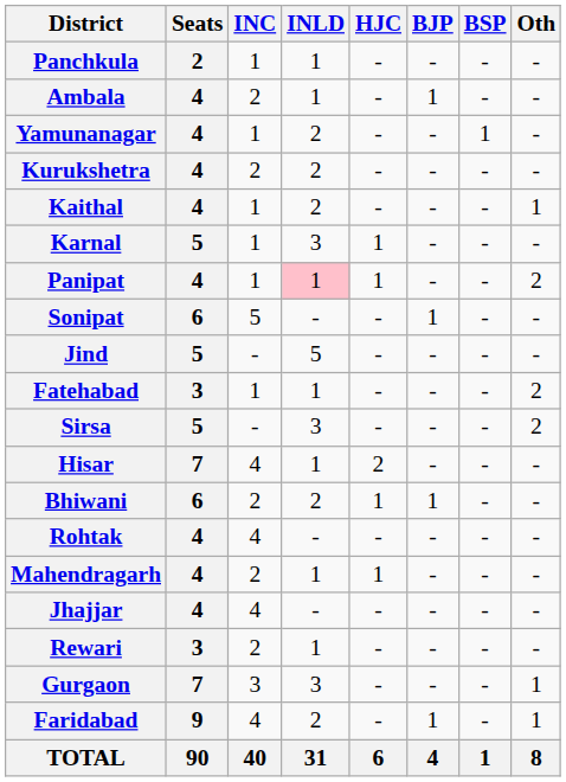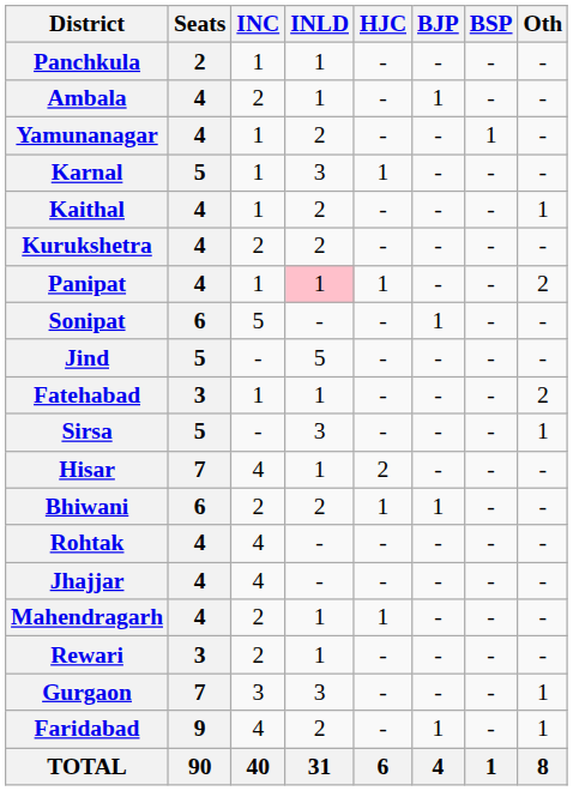 <table class="wikitable" style="text-align:center;">
 <tr>
 <th>District</th>
 <th>Seats</th>
 <th><a href='#'>INC</a></th>
 <th><a href='#'>INLD</a></th>
 <th><a href='#'>HJC</a></th>
 <th><a href='#'>BJP</a></th>
 <th><a href='#'>BSP</a></th>
 <th>Oth</th>
 </tr>
 <tr>
 <th><a href='#'>Panchkula</a></th>
 <th>2</th>
 <td>1</td>
 <td>1</td>
 <td>-</td>
 <td>-</td>
 <td>-</td>
 <td>-</td>
 </tr>
 <tr>
 <th><a href='#'>Ambala</a></th>
 <th>4</th>
 <td style="background:">2</td>
 <td>1</td>
 <td>-</td>
 <td>1</td>
 <td>-</td>
 <td>-</td>
 </tr>
 <tr>
 <th><a href='#'>Yamunanagar</a></th>
 <th>4</th>
 <td>1</td>
 <td style="background:">2</td>
 <td>-</td>
 <td>-</td>
 <td>1</td>
 <td>-</td>
 </tr>
 <tr>
-<th><a href='#'>Kurukshetra</a></th>
-<th>4</th>
-<td>2</td>
-<td>2</td>
-<td>-</td>
+<th><a href='#'>Karnal</a></th>
+<th>5</th>
+<td>1</td>
+<td style="background:">3</td>
+<td>1</td>
 <td>-</td>
 <td>-</td>
 <td>-</td>
 </tr>
 <tr>
 <th><a href='#'>Kaithal</a></th>
 <th>4</th>
 <td>1</td>
 <td style="background:">2</td>
 <td>-</td>
 <td>-</td>
 <td>-</td>
 <td>1</td>
 </tr>
 <tr>
-<th><a href='#'>Karnal</a></th>
-<th>5</th>
-<td>1</td>
-<td style="background:">3</td>
-<td>1</td>
+<th><a href='#'>Kurukshetra</a></th>
+<th>4</th>
+<td>2</td>
+<td>2</td>
+<td>-</td>
 <td>-</td>
 <td>-</td>
 <td>-</td>
 </tr>
 <tr>
 <th><a href='#'>Panipat</a></th>
 <th>4</th>
 <td>1</td>
 <td style="background: pink;">1</td>
 <td>1</td>
 <td>-</td>
 <td>-</td>
 <td>2</td>
 </tr>
 <tr>
 <th><a href='#'>Sonipat</a></th>
 <th>6</th>
 <td style="background:">5</td>
 <td>-</td>
 <td>-</td>
 <td>1</td>
 <td>-</td>
 <td>-</td>
 </tr>
 <tr>
 <th><a href='#'>Jind</a></th>
 <th>5</th>
 <td>-</td>
 <td style="background:">5</td>
 <td>-</td>
 <td>-</td>
 <td>-</td>
 <td>-</td>
 </tr>
 <tr>
 <th><a href='#'>Fatehabad</a></th>
 <th>3</th>
 <td>1</td>
 <td>1</td>
 <td>-</td>
 <td>-</td>
 <td>-</td>
 <td>2</td>
 </tr>
 <tr>
 <th><a href='#'>Sirsa</a></th>
 <th>5</th>
 <td>-</td>
 <td style="background:">3</td>
 <td>-</td>
 <td>-</td>
 <td>-</td>
-<td>2</td>
+<td>1</td>
 </tr>
 <tr>
 <th><a href='#'>Hisar</a></th>
 <th>7</th>
 <td style="background:">4</td>
 <td>1</td>
 <td>2</td>
 <td>-</td>
 <td>-</td>
 <td>-</td>
 </tr>
 <tr>
 <th><a href='#'>Bhiwani</a></th>
 <th>6</th>
 <td>2</td>
 <td>2</td>
 <td>1</td>
 <td>1</td>
 <td>-</td>
 <td>-</td>
 </tr>
 <tr>
 <th><a href='#'>Rohtak</a></th>
 <th>4</th>
 <td style="background:">4</td>
 <td>-</td>
 <td>-</td>
 <td>-</td>
 <td>-</td>
 <td>-</td>
 </tr>
 <tr>
+<th><a href='#'>Jhajjar</a></th>
+<th>4</th>
+<td style="background:">4</td>
+<td>-</td>
+<td>-</td>
+<td>-</td>
+<td>-</td>
+<td>-</td>
+</tr>
+<tr>
 <th><a href='#'>Mahendragarh</a></th>
 <th>4</th>
 <td style="background:">2</td>
 <td>1</td>
 <td>1</td>
-<td>-</td>
-<td>-</td>
-<td>-</td>
-</tr>
-<tr>
-<th><a href='#'>Jhajjar</a></th>
-<th>4</th>
-<td style="background:">4</td>
-<td>-</td>
-<td>-</td>
 <td>-</td>
 <td>-</td>
 <td>-</td>
 </tr>
 <tr>
 <th><a href='#'>Rewari</a></th>
 <th>3</th>
 <td style="background:">2</td>
 <td>1</td>
 <td>-</td>
 <td>-</td>
 <td>-</td>
 <td>-</td>
 </tr>
 <tr>
 <th><a href='#'>Gurgaon</a></th>
 <th>7</th>
 <td>3</td>
 <td>3</td>
 <td>-</td>
 <td>-</td>
 <td>-</td>
 <td>1</td>
 </tr>
 <tr>
 <th><a href='#'>Faridabad</a></th>
 <th>9</th>
 <td style="background:">4</td>
 <td>2</td>
 <td>-</td>
 <td>1</td>
 <td>-</td>
 <td>1</td>
 </tr>
 <tr>
 <th>TOTAL</th>
 <th>90</th>
 <th>40</th>
 <th>31</th>
 <th>6</th>
 <th>4</th>
 <th>1</th>
 <th>8</th>
 </tr>
 </table>
